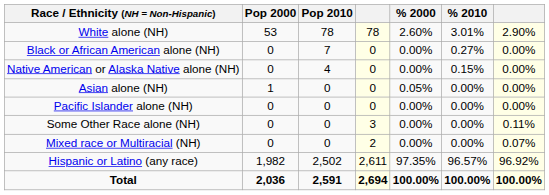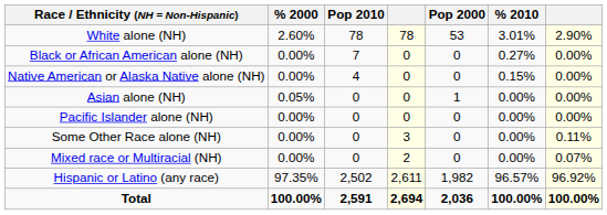 <table class="wikitable" style="text-align:center;">
 <tr>
 <th>Race / Ethnicity <small>(<em>NH = Non-Hispanic</em>)</small></th>
-<th>Pop 2000</th>
+<th>% 2000</th>
 <th>Pop 2010</th>
 <th></th>
-<th>% 2000</th>
+<th>Pop 2000</th>
 <th>% 2010</th>
 <th></th>
 </tr>
 <tr>
 <td><a href='#'>White</a> alone (NH)</td>
-<td>53</td>
+<td>2.60%</td>
 <td>78</td>
 <td style='background: #ffffe6;'>78</td>
-<td>2.60%</td>
+<td>53</td>
 <td>3.01%</td>
 <td style='background: #ffffe6;'>2.90%</td>
 </tr>
 <tr>
 <td><a href='#'>Black or African American</a> alone (NH)</td>
-<td>0</td>
+<td>0.00%</td>
 <td>7</td>
 <td style='background: #ffffe6;'>0</td>
-<td>0.00%</td>
+<td>0</td>
 <td>0.27%</td>
 <td style='background: #ffffe6;'>0.00%</td>
 </tr>
 <tr>
 <td><a href='#'>Native American</a> or <a href='#'>Alaska Native</a> alone (NH)</td>
-<td>0</td>
+<td>0.00%</td>
 <td>4</td>
 <td style='background: #ffffe6;'>0</td>
-<td>0.00%</td>
+<td>0</td>
 <td>0.15%</td>
 <td style='background: #ffffe6;'>0.00%</td>
 </tr>
 <tr>
 <td><a href='#'>Asian</a> alone (NH)</td>
-<td>1</td>
+<td>0.05%</td>
 <td>0</td>
 <td style='background: #ffffe6;'>0</td>
-<td>0.05%</td>
+<td>1</td>
 <td>0.00%</td>
 <td style='background: #ffffe6;'>0.00%</td>
 </tr>
 <tr>
 <td><a href='#'>Pacific Islander</a> alone (NH)</td>
-<td>0</td>
+<td>0.00%</td>
 <td>0</td>
 <td style='background: #ffffe6;'>0</td>
-<td>0.00%</td>
+<td>0</td>
 <td>0.00%</td>
 <td style='background: #ffffe6;'>0.00%</td>
 </tr>
 <tr>
 <td>Some Other Race alone (NH)</td>
-<td>0</td>
+<td>0.00%</td>
 <td>0</td>
 <td style='background: #ffffe6;'>3</td>
-<td>0.00%</td>
+<td>0</td>
 <td>0.00%</td>
 <td style='background: #ffffe6;'>0.11%</td>
 </tr>
 <tr>
 <td><a href='#'>Mixed race or Multiracial</a> (NH)</td>
-<td>0</td>
+<td>0.00%</td>
 <td>0</td>
 <td style='background: #ffffe6;'>2</td>
-<td>0.00%</td>
+<td>0</td>
 <td>0.00%</td>
 <td style='background: #ffffe6;'>0.07%</td>
 </tr>
 <tr>
 <td><a href='#'>Hispanic or Latino</a> (any race)</td>
-<td>1,982</td>
+<td>97.35%</td>
 <td>2,502</td>
 <td style='background: #ffffe6;'>2,611</td>
-<td>97.35%</td>
+<td>1,982</td>
 <td>96.57%</td>
 <td style='background: #ffffe6;'>96.92%</td>
 </tr>
 <tr>
 <td><strong>Total</strong></td>
-<td><strong>2,036</strong></td>
+<td><strong>100.00%</strong></td>
 <td><strong>2,591</strong></td>
 <td style='background: #ffffe6;'><strong>2,694</strong></td>
-<td><strong>100.00%</strong></td>
+<td><strong>2,036</strong></td>
 <td><strong>100.00%</strong></td>
 <td style='background: #ffffe6;'><strong>100.00%</strong></td>
 </tr>
 </table>
